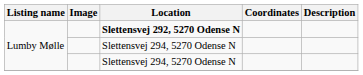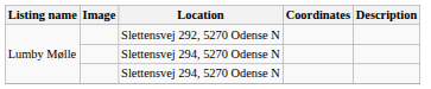 <table class="wikitable sortable">
 <tr>
 <th>Listing name</th>
 <th>Image</th>
 <th>Location</th>
 <th>Coordinates</th>
 <th>Description</th>
 </tr>
 <tr>
 <td rowspan="3">Lumby Mølle</td>
 <td></td>
-<td><strong>Slettensvej 292, 5270 Odense N</strong></td>
+<td>Slettensvej 292, 5270 Odense N</td>
 <td></td>
 <td></td>
 </tr>
 <tr>
 <td></td>
 <td>Slettensvej 294, 5270 Odense N</td>
 <td></td>
 <td></td>
 </tr>
 <tr>
 <td></td>
 <td>Slettensvej 294, 5270 Odense N</td>
 <td></td>
 <td></td>
 </tr>
 <tr>
 </tr>
 </table>
